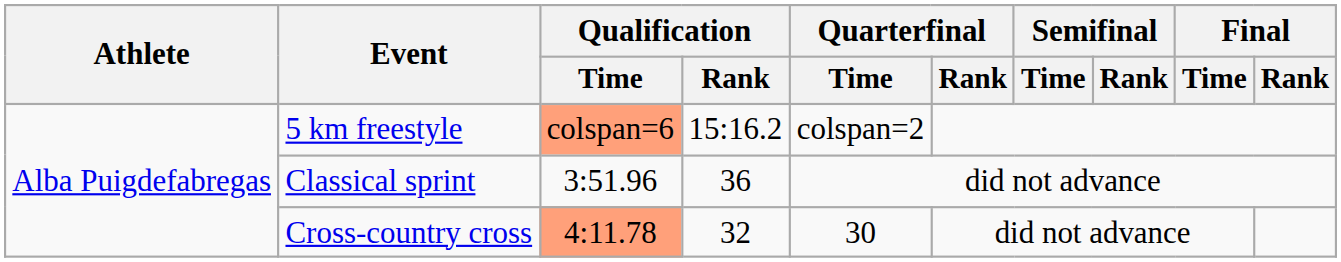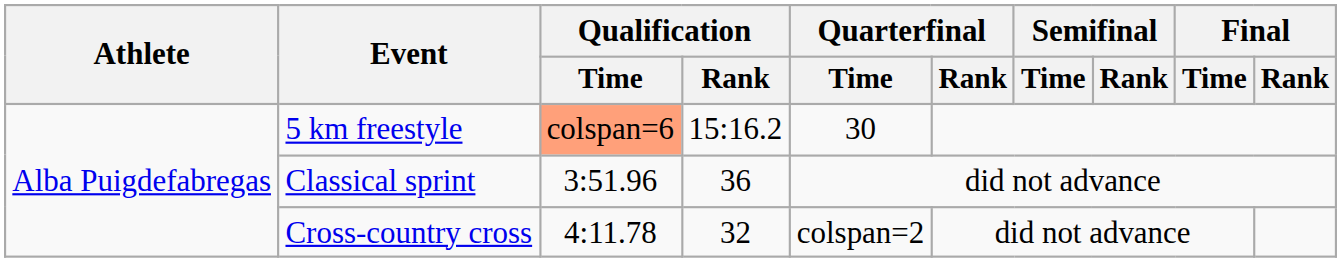 <table class="wikitable" style="font-size:90%">
 <tr>
 <th rowspan="2">Athlete</th>
 <th rowspan="2">Event</th>
 <th colspan="2">Qualification</th>
 <th colspan="2">Quarterfinal</th>
 <th colspan="2">Semifinal</th>
 <th colspan="2">Final</th>
 </tr>
 <tr style="font-size:95%">
 <th>Time</th>
 <th>Rank</th>
 <th>Time</th>
 <th>Rank</th>
 <th>Time</th>
 <th>Rank</th>
 <th>Time</th>
 <th>Rank</th>
 </tr>
 <tr align=center>
 <td align=left rowspan=3><a href='#'>Alba Puigdefabregas</a></td>
 <td align=left><a href='#'>5 km freestyle</a></td>
 <td style="background: lightsalmon;">colspan=6 </td>
 <td>15:16.2</td>
-<td>colspan=2 </td>
+<td>30</td>
 </tr>
 <tr align=center>
 <td align=left><a href='#'>Classical sprint</a></td>
 <td>3:51.96</td>
 <td>36</td>
 <td colspan=6>did not advance</td>
 </tr>
 <tr align=center>
 <td align=left><a href='#'>Cross-country cross</a></td>
-<td style="background: lightsalmon;">4:11.78</td>
+<td>4:11.78</td>
 <td>32</td>
-<td>30</td>
+<td>colspan=2 </td>
 <td colspan=4>did not advance</td>
 </tr>
 </table>
